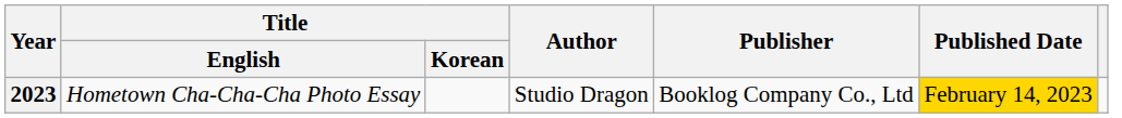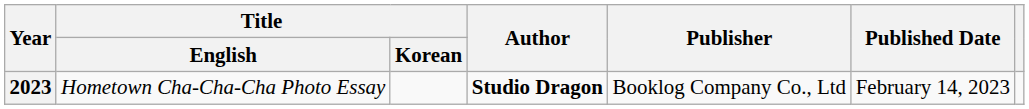 <table class="wikitable plainrowheaders">
 <tr>
 <th rowspan="2" scope="col">Year</th>
 <th colspan="2" scope="col">Title</th>
 <th rowspan="2" scope="col">Author</th>
 <th rowspan="2" scope="col">Publisher</th>
 <th rowspan="2" scope="col">Published Date</th>
 <th rowspan="2" scope="col"></th>
 </tr>
 <tr>
 <th>English</th>
 <th>Korean</th>
 </tr>
 <tr>
 <th scope="row">2023</th>
 <td><em>Hometown Cha-Cha-Cha Photo Essay</em></td>
 <td></td>
-<td>Studio Dragon</td>
+<td><strong>Studio Dragon</strong></td>
 <td>Booklog Company Co., Ltd</td>
-<td style="background: gold;">February 14, 2023</td>
+<td>February 14, 2023</td>
 <td></td>
 </tr>
 </table>
